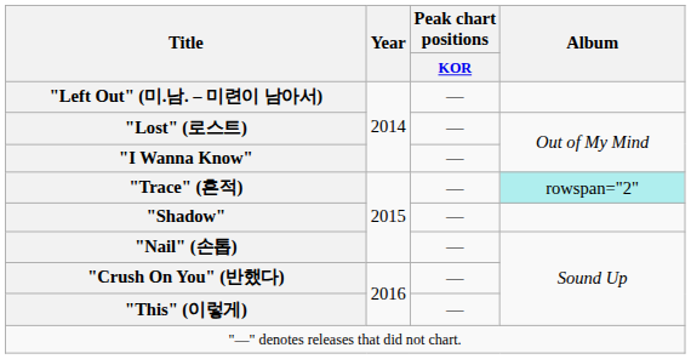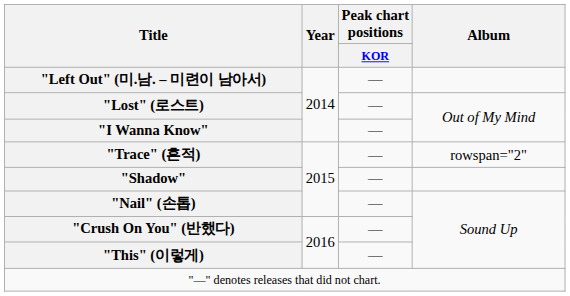 <table class="wikitable plainrowheaders" style="text-align:center;" border="1">
 <tr>
 <th scope="col" rowspan="2" style="width:20em;">Title</th>
 <th scope="col" rowspan="2">Year</th>
 <th scope="col" colspan="1">Peak chart <br> positions</th>
 <th scope="col" rowspan="2" style="width:10em;">Album</th>
 </tr>
 <tr>
 <th><small><a href='#'>KOR</a></small><br></th>
 </tr>
 <tr>
 <th scope="row">"Left Out" (미.남. – 미련이 남아서)</th>
 <td rowspan="3">2014</td>
 <td>—</td>
 <td></td>
 </tr>
 <tr>
 <th scope="row">"Lost" (로스트)</th>
 <td>—</td>
 <td rowspan="2"><em>Out of My Mind</em></td>
 </tr>
 <tr>
 <th scope="row">"I Wanna Know"</th>
 <td>—</td>
 </tr>
 <tr>
 <th scope="row">"Trace" (흔적)</th>
 <td rowspan="3">2015</td>
 <td>—</td>
-<td style="background: paleturquoise;">rowspan="2" </td>
+<td>rowspan="2" </td>
 </tr>
 <tr>
 <th scope="row">"Shadow"</th>
 <td>—</td>
 </tr>
 <tr>
 <th scope="row">"Nail" (손톱)</th>
 <td>—</td>
 <td rowspan="3"><em>Sound Up</em></td>
 </tr>
 <tr>
 <th scope="row">"Crush On You" (반했다)</th>
 <td rowspan="2">2016</td>
 <td>—</td>
 </tr>
 <tr>
 <th scope="row">"This" (이렇게)</th>
 <td>—</td>
 </tr>
 <tr>
 <td colspan="5" align="center"><small>"—" denotes releases that did not chart.</small></td>
 </tr>
 </table>
